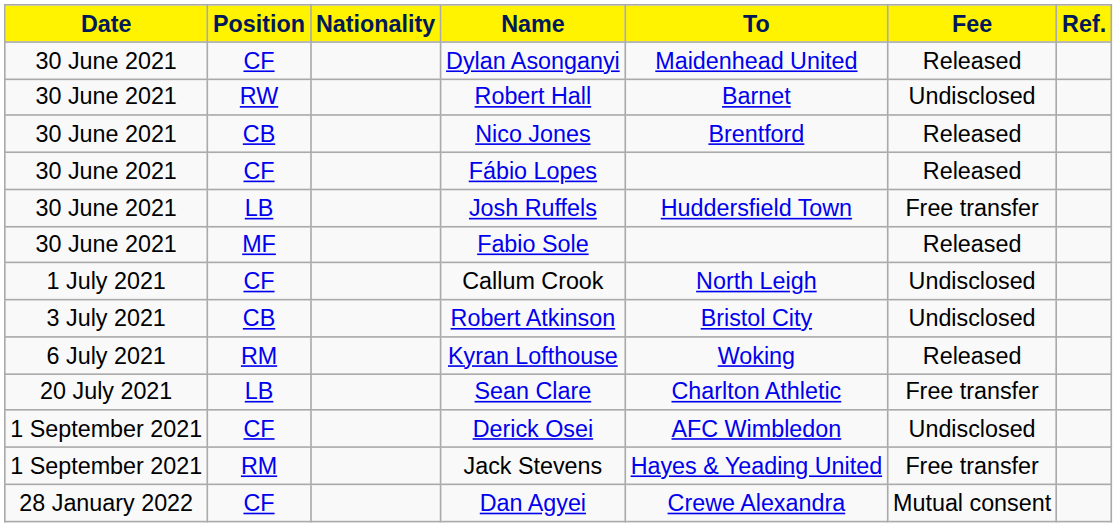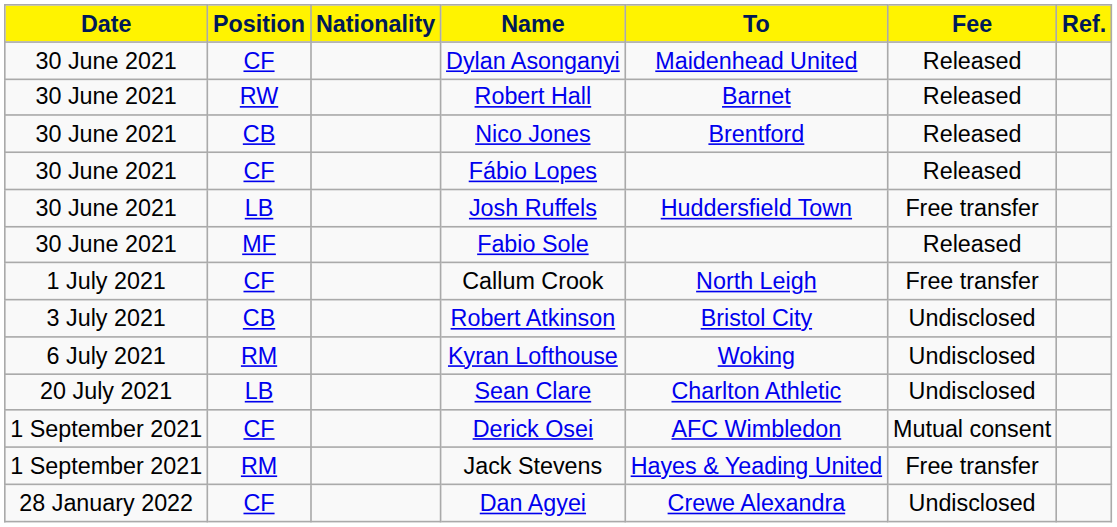 <table class="wikitable"  style="text-align:center; font-size:90%; ">
 <tr>
 <th style="background:#FFF300; color:#001958; ">Date</th>
 <th style="background:#FFF300; color:#001958; ">Position</th>
 <th style="background:#FFF300; color:#001958; ">Nationality</th>
 <th style="background:#FFF300; color:#001958; ">Name</th>
 <th style="background:#FFF300; color:#001958; ">To</th>
 <th style="background:#FFF300; color:#001958; ">Fee</th>
 <th style="background:#FFF300; color:#001958; ">Ref.</th>
 </tr>
 <tr>
 <td>30 June 2021</td>
 <td><a href='#'>CF</a></td>
 <td></td>
 <td><a href='#'>Dylan Asonganyi</a></td>
 <td> <a href='#'>Maidenhead United</a></td>
 <td>Released</td>
 <td></td>
 </tr>
 <tr>
 <td>30 June 2021</td>
 <td><a href='#'>RW</a></td>
 <td></td>
 <td><a href='#'>Robert Hall</a></td>
 <td> <a href='#'>Barnet</a></td>
-<td>Undisclosed</td>
+<td>Released</td>
 <td></td>
 </tr>
 <tr>
 <td>30 June 2021</td>
 <td><a href='#'>CB</a></td>
 <td></td>
 <td><a href='#'>Nico Jones</a></td>
 <td> <a href='#'>Brentford</a></td>
 <td>Released</td>
 <td></td>
 </tr>
 <tr>
 <td>30 June 2021</td>
 <td><a href='#'>CF</a></td>
 <td></td>
 <td><a href='#'>Fábio Lopes</a></td>
 <td></td>
 <td>Released</td>
 <td></td>
 </tr>
 <tr>
 <td>30 June 2021</td>
 <td><a href='#'>LB</a></td>
 <td></td>
 <td><a href='#'>Josh Ruffels</a></td>
 <td> <a href='#'>Huddersfield Town</a></td>
 <td>Free transfer</td>
 <td></td>
 </tr>
 <tr>
 <td>30 June 2021</td>
 <td><a href='#'>MF</a></td>
 <td></td>
 <td><a href='#'>Fabio Sole</a></td>
 <td></td>
 <td>Released</td>
 <td></td>
 </tr>
 <tr>
 <td>1 July 2021</td>
 <td><a href='#'>CF</a></td>
 <td></td>
 <td>Callum Crook</td>
 <td> <a href='#'>North Leigh</a></td>
-<td>Undisclosed</td>
+<td>Free transfer</td>
 <td></td>
 </tr>
 <tr>
 <td>3 July 2021</td>
 <td><a href='#'>CB</a></td>
 <td></td>
 <td><a href='#'>Robert Atkinson</a></td>
 <td> <a href='#'>Bristol City</a></td>
 <td>Undisclosed</td>
 <td></td>
 </tr>
 <tr>
 <td>6 July 2021</td>
 <td><a href='#'>RM</a></td>
 <td></td>
 <td><a href='#'>Kyran Lofthouse</a></td>
 <td> <a href='#'>Woking</a></td>
-<td>Released</td>
+<td>Undisclosed</td>
 <td></td>
 </tr>
 <tr>
 <td>20 July 2021</td>
 <td><a href='#'>LB</a></td>
 <td></td>
 <td><a href='#'>Sean Clare</a></td>
 <td> <a href='#'>Charlton Athletic</a></td>
-<td>Free transfer</td>
+<td>Undisclosed</td>
 <td></td>
 </tr>
 <tr>
 <td>1 September 2021</td>
 <td><a href='#'>CF</a></td>
 <td></td>
 <td><a href='#'>Derick Osei</a></td>
 <td> <a href='#'>AFC Wimbledon</a></td>
-<td>Undisclosed</td>
+<td>Mutual consent</td>
 <td></td>
 </tr>
 <tr>
 <td>1 September 2021</td>
 <td><a href='#'>RM</a></td>
 <td></td>
 <td>Jack Stevens</td>
 <td> <a href='#'>Hayes & Yeading United</a></td>
 <td>Free transfer</td>
 <td></td>
 </tr>
 <tr>
 <td>28 January 2022</td>
 <td><a href='#'>CF</a></td>
 <td></td>
 <td><a href='#'>Dan Agyei</a></td>
 <td> <a href='#'>Crewe Alexandra</a></td>
-<td>Mutual consent</td>
+<td>Undisclosed</td>
 <td></td>
 </tr>
 </table>
